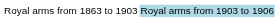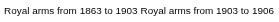 <table border="0" style="margin:auto; width:50%">
 <tr>
 <th width=50%></th>
 <th width=50%></th>
 </tr>
 <tr>
 <td style="text-align: center">Royal arms from 1863 to 1903</td>
-<td style="background: lightblue; text-align: center">Royal arms from 1903 to 1906</td>
+<td style="text-align: center">Royal arms from 1903 to 1906</td>
 </tr>
 </table>
